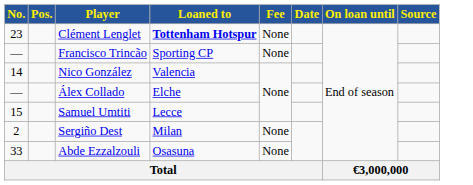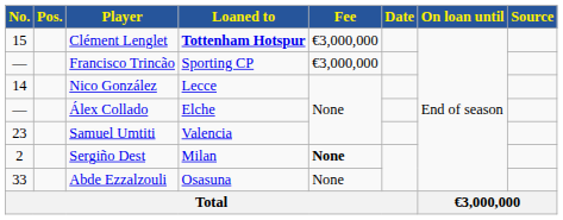 <table class="wikitable plainrowheaders sortable">
 <tr>
 <th style="background:#26559B; color:#FFF000; ">No.</th>
 <th style="background:#26559B; color:#FFF000; ">Pos.</th>
 <th style="background:#26559B; color:#FFF000; ">Player</th>
 <th style="background:#26559B; color:#FFF000; ">Loaned to</th>
 <th style="background:#26559B; color:#FFF000; ">Fee</th>
 <th style="background:#26559B; color:#FFF000; ">Date</th>
 <th style="background:#26559B; color:#FFF000; ">On loan until</th>
 <th style="background:#26559B; color:#FFF000; ">Source</th>
 </tr>
 <tr>
-<td align=center>23</td>
+<td align=center>15</td>
 <td align=center></td>
 <td> <a href='#'>Clément Lenglet</a></td>
 <td><strong> <a href='#'>Tottenham Hotspur</a></strong></td>
-<td>None</td>
+<td>€3,000,000</td>
 <td></td>
 <td rowspan=7>End of season</td>
 <td></td>
 </tr>
 <tr>
 <td align=center>—</td>
 <td align=center></td>
 <td> <a href='#'>Francisco Trincão</a></td>
 <td> <a href='#'>Sporting CP</a></td>
-<td>None</td>
+<td>€3,000,000</td>
 <td></td>
 <td></td>
 </tr>
 <tr>
 <td align=center>14</td>
 <td align=center></td>
 <td> <a href='#'>Nico González</a></td>
-<td><a href='#'>Valencia</a></td>
+<td> <a href='#'>Lecce</a></td>
 <td rowspan=3>None</td>
 <td></td>
 <td></td>
 </tr>
 <tr>
 <td align=center>—</td>
 <td align=center></td>
 <td> <a href='#'>Álex Collado</a></td>
 <td><a href='#'>Elche</a></td>
 <td></td>
 <td></td>
 </tr>
 <tr>
-<td align=center>15</td>
+<td align=center>23</td>
 <td align=center></td>
 <td> <a href='#'>Samuel Umtiti</a></td>
-<td> <a href='#'>Lecce</a></td>
+<td><a href='#'>Valencia</a></td>
 <td></td>
 <td></td>
 </tr>
 <tr>
 <td align=center>2</td>
 <td align=center></td>
 <td> <a href='#'>Sergiño Dest</a></td>
 <td> <a href='#'>Milan</a></td>
-<td>None</td>
+<td><strong>None</strong></td>
 <td rowspan=2></td>
 <td></td>
 </tr>
 <tr>
 <td align=center>33</td>
 <td align=center></td>
 <td> <a href='#'>Abde Ezzalzouli</a></td>
 <td><a href='#'>Osasuna</a></td>
 <td>None</td>
 <td></td>
 </tr>
 <tr>
 <th colspan="6">Total</th>
 <th colspan="2">€3,000,000</th>
 </tr>
 </table>
